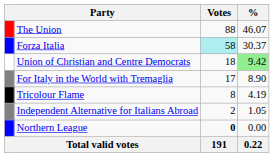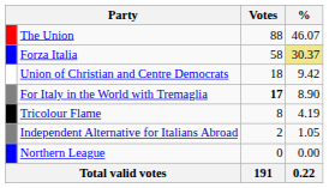 <table class="wikitable">
 <tr>
 <th colspan="2" style="width: 130px">Party</th>
 <th style="width: 50px">Votes</th>
 <th style="width: 40px">%</th>
 </tr>
 <tr>
 <td style="background-color:red">  </td>
 <td style="text-align: left"><a href='#'>The Union</a></td>
 <td style="text-align: right">88</td>
 <td style="text-align: right">46.07</td>
 </tr>
 <tr>
 <td style="background-color:blue">  </td>
 <td style="text-align: left"><a href='#'>Forza Italia</a></td>
-<td style="background: paleturquoise; text-align: right">58</td>
-<td style="text-align: right">30.37</td>
+<td style="text-align: right">58</td>
+<td style="background: khaki; text-align: right">30.37</td>
 </tr>
 <tr>
 <td style="background-color:white">  </td>
 <td style="text-align: left"><a href='#'>Union of Christian and Centre Democrats</a></td>
 <td align="right">18</td>
-<td align="right" style="background: lightgreen;">9.42</td>
+<td align="right">9.42</td>
 </tr>
 <tr>
 <td style="background-color:grey">  </td>
 <td style="text-align: left"><a href='#'>For Italy in the World with Tremaglia</a></td>
-<td align="right">17</td>
+<td align="right"><strong>17</strong></td>
 <td align="right">8.90</td>
 </tr>
 <tr>
 <td style="background-color:black">  </td>
 <td style="text-align: left"><a href='#'>Tricolour Flame</a></td>
 <td align="right">8</td>
 <td align="right">4.19</td>
 </tr>
 <tr>
 <td style="background-color:grey">  </td>
 <td style="text-align: left"><a href='#'>Independent Alternative for Italians Abroad</a></td>
 <td align="right">2</td>
 <td align="right">1.05</td>
 </tr>
 <tr>
 <td style="background-color:blue">  </td>
 <td style="text-align: left"><a href='#'>Northern League</a></td>
-<td align="right"><strong>0</strong></td>
+<td align="right">0</td>
 <td align="right">0.00</td>
 </tr>
 <tr bgcolor="white">
 <th align="right" colspan=2>Total valid votes</th>
 <th align="right">191</th>
 <th align="right">0.22</th>
 </tr>
 </table>
